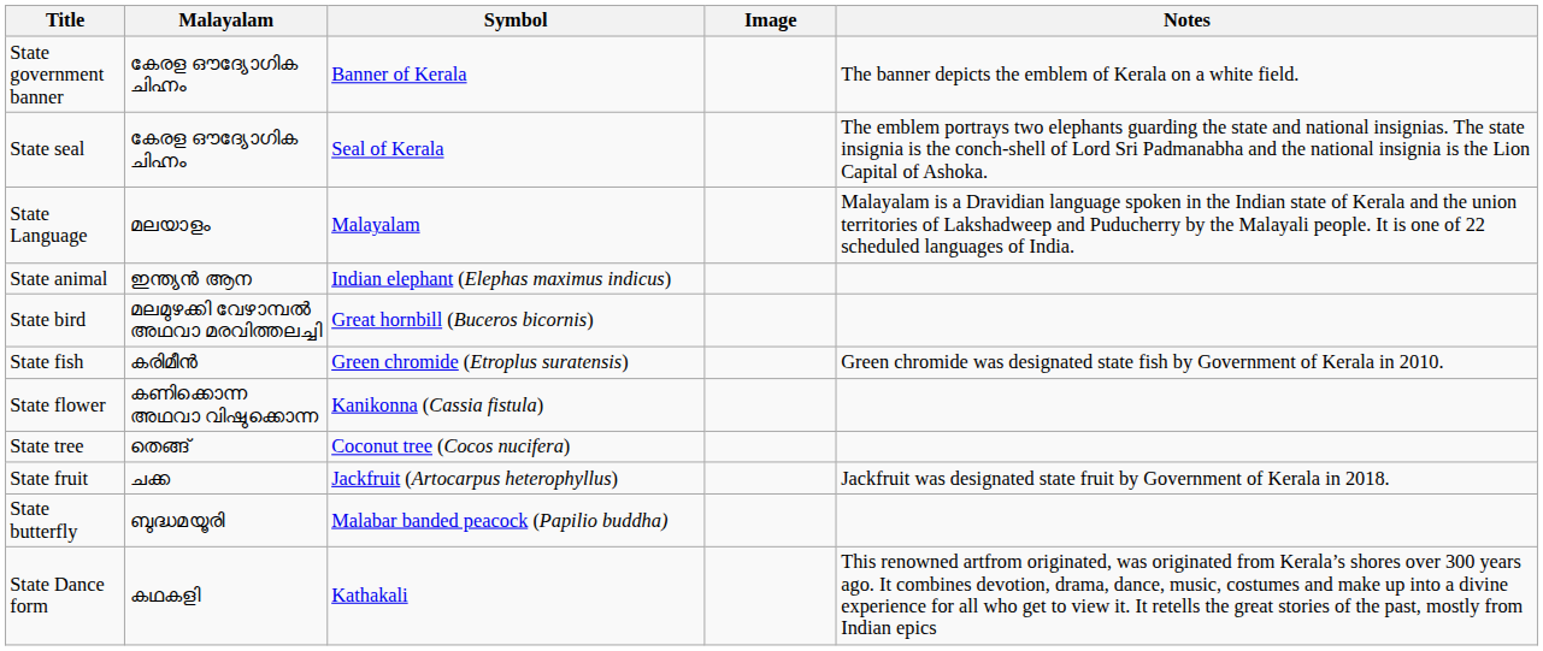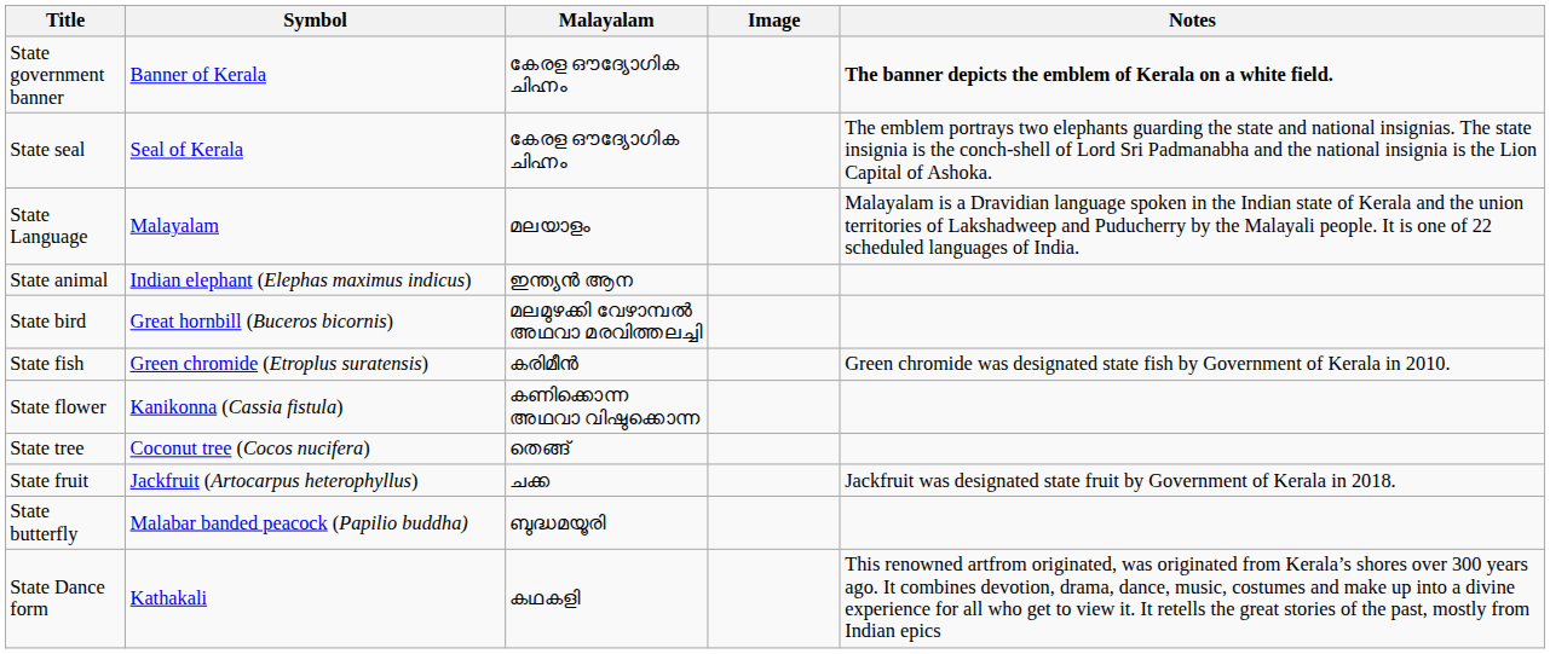 <table class="wikitable">
 <tr>
 <th width=90>Title</th>
+<th style="width:300px;">Symbol</th>
 <th>Malayalam</th>
-<th style="width:300px;">Symbol</th>
 <th width=100>Image</th>
 <th>Notes</th>
 </tr>
 <tr>
 <td>State government banner</td>
+<td><a href='#'>Banner of Kerala</a></td>
 <td>കേരള ഔദ്യോഗിക ചിഹ്നം</td>
-<td><a href='#'>Banner of Kerala</a></td>
 <td></td>
-<td>The banner depicts the emblem of Kerala on a white field.</td>
+<td><strong>The banner depicts the emblem of Kerala on a white field.</strong></td>
 </tr>
 <tr>
 <td>State seal</td>
+<td><a href='#'>Seal of Kerala</a></td>
 <td>കേരള ഔദ്യോഗിക ചിഹ്നം</td>
-<td><a href='#'>Seal of Kerala</a></td>
 <td></td>
 <td>The emblem portrays two elephants guarding the state and national insignias. The state insignia is the conch-shell of Lord Sri Padmanabha and the national insignia is the Lion Capital of Ashoka.</td>
 </tr>
 <tr>
 <td>State Language</td>
+<td><a href='#'>Malayalam</a></td>
 <td>മലയാളം</td>
-<td><a href='#'>Malayalam</a></td>
 <td></td>
 <td>Malayalam is a Dravidian language spoken in the Indian state of Kerala and the union territories of Lakshadweep and Puducherry by the Malayali people. It is one of 22 scheduled languages of India.</td>
 </tr>
 <tr>
 <td>State animal</td>
+<td><a href='#'>Indian elephant</a> (<em>Elephas maximus  indicus</em>)</td>
 <td>ഇന്ത്യൻ ആന</td>
-<td><a href='#'>Indian elephant</a> (<em>Elephas maximus  indicus</em>)</td>
 <td style="text-align:center;"></td>
 <td></td>
 </tr>
 <tr>
 <td>State bird</td>
+<td><a href='#'>Great hornbill</a> (<em>Buceros bicornis</em>)</td>
 <td>മലമുഴക്കി വേഴാമ്പൽ അഥവാ മരവിത്തലച്ചി</td>
-<td><a href='#'>Great hornbill</a> (<em>Buceros bicornis</em>)</td>
 <td align=center></td>
 <td></td>
 </tr>
 <tr>
 <td>State fish</td>
+<td><a href='#'>Green chromide</a> (<em>Etroplus suratensis</em>)</td>
 <td>കരിമീന്‍</td>
-<td><a href='#'>Green chromide</a> (<em>Etroplus suratensis</em>)</td>
 <td align=center></td>
 <td>Green chromide was designated state fish by Government of Kerala in 2010.</td>
 </tr>
 <tr>
 <td>State flower</td>
+<td><a href='#'>Kanikonna</a> (<em>Cassia fistula</em>)</td>
 <td>കണിക്കൊന്ന അഥവാ വിഷുക്കൊന്ന</td>
-<td><a href='#'>Kanikonna</a> (<em>Cassia fistula</em>)</td>
 <td align=center></td>
 <td></td>
 </tr>
 <tr>
 <td>State tree</td>
+<td><a href='#'>Coconut tree</a> (<em>Cocos nucifera</em>)</td>
 <td>തെങ്ങ്</td>
-<td><a href='#'>Coconut tree</a> (<em>Cocos nucifera</em>)</td>
 <td align=center></td>
 <td></td>
 </tr>
 <tr>
 <td>State fruit</td>
+<td><a href='#'>Jackfruit</a> (<em>Artocarpus heterophyllus</em>)</td>
 <td>ചക്ക</td>
-<td><a href='#'>Jackfruit</a> (<em>Artocarpus heterophyllus</em>)</td>
 <td align=center></td>
 <td>Jackfruit was designated state fruit by Government of Kerala in 2018.</td>
 </tr>
 <tr>
 <td>State butterfly</td>
+<td><a href='#'>Malabar banded peacock</a> (<em>Papilio buddha)</em> </td>
 <td>ബുദ്ധമയൂരി</td>
-<td><a href='#'>Malabar banded peacock</a> (<em>Papilio buddha)</em> </td>
 <td align=center></td>
 <td></td>
 </tr>
 <tr>
 <td>State Dance form</td>
+<td><a href='#'>Kathakali</a></td>
 <td>കഥകളി</td>
-<td><a href='#'>Kathakali</a></td>
 <td></td>
 <td>This renowned artfrom originated, was originated from Kerala’s shores over 300 years ago. It combines devotion, drama, dance, music, costumes and make up into a divine experience for all who get to view it. It retells the great stories of the past, mostly from Indian epics</td>
 </tr>
 </table>
